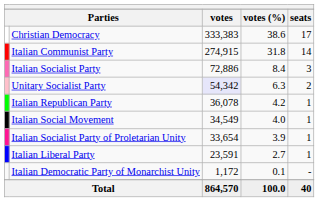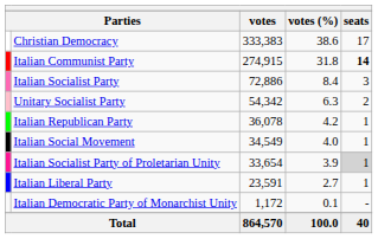 <table class="wikitable" style="font-size:95%">
 <tr>
 <th colspan=5></th>
 </tr>
 <tr>
 </tr>
 <tr bgcolor="EFEFEF">
 <th colspan=2>Parties</th>
 <th>votes</th>
 <th>votes (%)</th>
 <th>seats</th>
 </tr>
 <tr>
 <td bgcolor=White></td>
 <td><a href='#'>Christian Democracy</a></td>
 <td align=right>333,383</td>
 <td align=right>38.6</td>
 <td align=right>17</td>
 </tr>
 <tr>
 <td bgcolor=Red></td>
 <td><a href='#'>Italian Communist Party</a></td>
 <td align=right>274,915</td>
 <td align=right>31.8</td>
-<td align=right>14</td>
+<td align=right><strong>14</strong></td>
 </tr>
 <tr>
 <td bgcolor=Hotpink></td>
 <td><a href='#'>Italian Socialist Party</a></td>
 <td align=right>72,886</td>
 <td align=right>8.4</td>
 <td align=right>3</td>
 </tr>
 <tr>
 <td bgcolor=Pink></td>
 <td><a href='#'>Unitary Socialist Party</a></td>
-<td align=right style="background: lavender;">54,342</td>
+<td align=right>54,342</td>
 <td align=right>6.3</td>
 <td align=right>2</td>
 </tr>
 <tr>
 <td bgcolor=Lime></td>
 <td><a href='#'>Italian Republican Party</a></td>
 <td align=right>36,078</td>
 <td align=right>4.2</td>
 <td align=right>1</td>
 </tr>
 <tr>
 <td bgcolor=Black></td>
 <td><a href='#'>Italian Social Movement</a></td>
 <td align=right>34,549</td>
 <td align=right>4.0</td>
 <td align=right>1</td>
 </tr>
 <tr>
 <td bgcolor=Deeppink></td>
 <td><a href='#'>Italian Socialist Party of Proletarian Unity</a></td>
 <td align=right>33,654</td>
 <td align=right>3.9</td>
-<td align=right>1</td>
+<td align=right style="background: lightgrey;">1</td>
 </tr>
 <tr>
 <td bgcolor=Blue></td>
 <td><a href='#'>Italian Liberal Party</a></td>
 <td align=right>23,591</td>
 <td align=right>2.7</td>
 <td align=right>1</td>
 </tr>
 <tr>
 <td bgcolor=></td>
 <td><a href='#'>Italian Democratic Party of Monarchist Unity</a></td>
 <td align=right>1,172</td>
 <td align=right>0.1</td>
 <td align=right>-</td>
 </tr>
 <tr>
 </tr>
 <tr bgcolor="EFEFEF">
 <th colspan=2><strong>Total</strong></th>
 <td align=right><strong>864,570</strong></td>
 <td align=right><strong>100.0</strong></td>
 <td align=right><strong>40</strong></td>
 </tr>
 </table>
